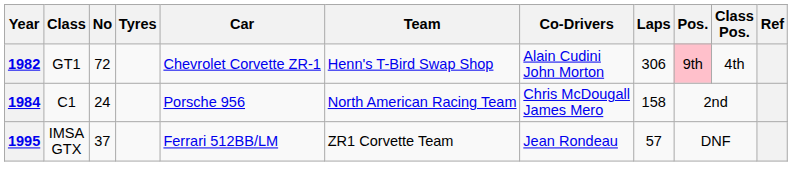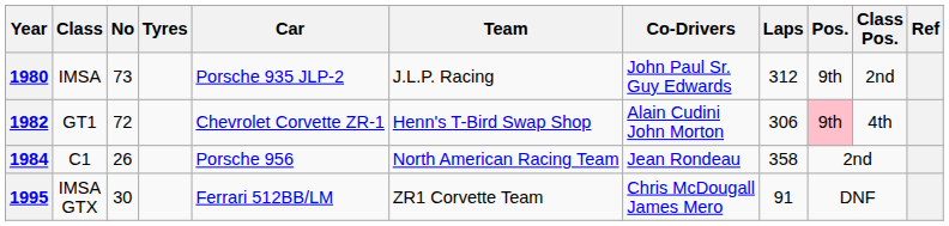 <table class="wikitable" style="text-align:center; font-size:90%">
 <tr>
 <th>Year</th>
 <th>Class</th>
 <th>No</th>
 <th>Tyres</th>
 <th>Car</th>
 <th>Team</th>
 <th>Co-Drivers</th>
 <th>Laps</th>
 <th>Pos.</th>
 <th>Class<br>Pos.</th>
 <th>Ref</th>
+</tr>
+<tr>
+<th><a href='#'>1980</a></th>
+<td>IMSA</td>
+<td>73</td>
+<td></td>
+<td align="left"><a href='#'>Porsche 935 JLP-2</a></td>
+<td align="left"> J.L.P. Racing</td>
+<td align="left"> <a href='#'>John Paul Sr.</a><br> <a href='#'>Guy Edwards</a></td>
+<td>312</td>
+<td>9th</td>
+<td>2nd</td>
+<th></th>
 </tr>
 <tr>
 <th><a href='#'>1982</a></th>
 <td>GT1</td>
 <td>72</td>
 <td></td>
 <td style="text-align:left;"><a href='#'>Chevrolet Corvette ZR-1</a></td>
 <td align="left"> <a href='#'>Henn's T-Bird Swap Shop</a></td>
 <td align="left"> <a href='#'>Alain Cudini</a><br> <a href='#'>John Morton</a></td>
 <td>306</td>
 <td style="background: pink;">9th</td>
 <td>4th</td>
 <th></th>
 </tr>
 <tr>
 <th><a href='#'>1984</a></th>
 <td>C1</td>
-<td>24</td>
+<td>26</td>
 <td></td>
 <td align="left"><a href='#'>Porsche 956</a></td>
 <td align="left"> <a href='#'>North American Racing Team</a></td>
-<td align="left"> <a href='#'>Chris McDougall</a><br> <a href='#'>James Mero</a></td>
-<td>158</td>
+<td align="left"> <a href='#'>Jean Rondeau</a></td>
+<td>358</td>
 <td colspan=2>2nd</td>
 <th></th>
 </tr>
 <tr>
 <th><a href='#'>1995</a></th>
 <td>IMSA<br>GTX</td>
-<td>37</td>
+<td>30</td>
 <td></td>
 <td align="left"><a href='#'>Ferrari 512BB/LM</a></td>
 <td align="left"> ZR1 Corvette Team</td>
-<td align="left"> <a href='#'>Jean Rondeau</a></td>
-<td>57</td>
+<td align="left"> <a href='#'>Chris McDougall</a><br> <a href='#'>James Mero</a></td>
+<td>91</td>
 <td colspan=2>DNF</td>
 <th></th>
 </tr>
 </table>
